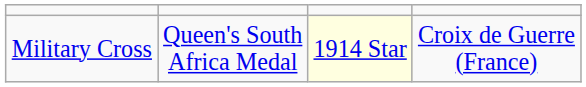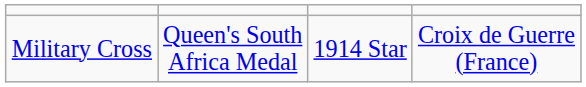 <table class="wikitable" style="margin: 1em auto; text-align: center;">
 <tr>
 <td></td>
 <td></td>
 <td></td>
 <td></td>
 </tr>
 <tr>
 <td><a href='#'>Military Cross</a></td>
 <td><a href='#'>Queen's South<br>Africa Medal</a></td>
-<td style="background: lightyellow;"><a href='#'>1914 Star</a></td>
+<td><a href='#'>1914 Star</a></td>
 <td><a href='#'>Croix de Guerre<br>(France)</a></td>
 </tr>
 </table>
